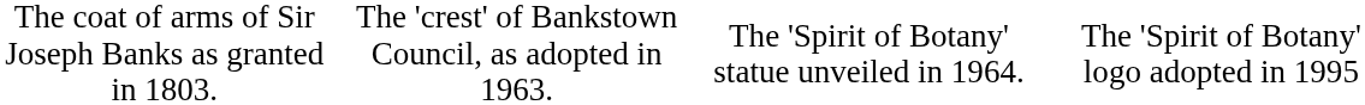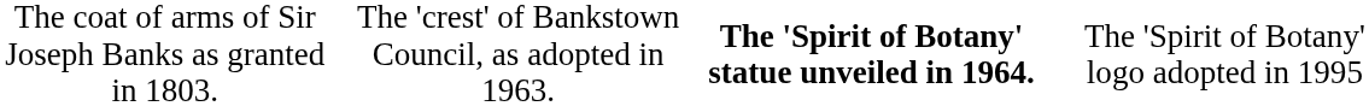 <table border="0" class="center" style="margin:1em auto; width:55%; table-layout:fixed">
 <tr style="text-align:center;">
 <td></td>
 <td></td>
 <td></td>
 <td></td>
 </tr>
 <tr style="text-align:center;">
 <td>The coat of arms of Sir Joseph Banks as granted in 1803.</td>
 <td>The 'crest' of Bankstown Council, as adopted in 1963.</td>
-<td>The 'Spirit of Botany' statue unveiled in 1964.</td>
+<td><strong>The 'Spirit of Botany' statue unveiled in 1964.</strong></td>
 <td>The 'Spirit of Botany' logo adopted in 1995</td>
 </tr>
 </table>
